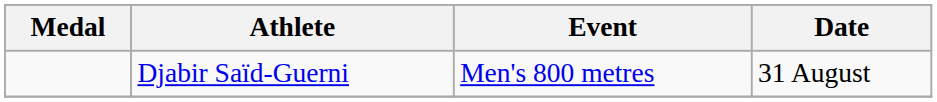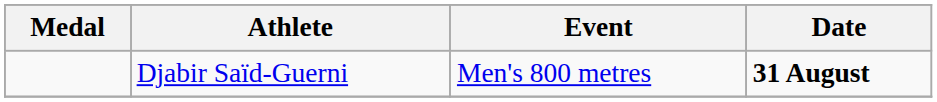 <table class=wikitable style=font-size:90% width=55%>
 <tr>
 <th>Medal</th>
 <th>Athlete</th>
 <th>Event</th>
 <th>Date</th>
 </tr>
 <tr>
 <td></td>
 <td><a href='#'>Djabir Saïd-Guerni</a></td>
 <td><a href='#'>Men's 800 metres</a></td>
-<td>31 August</td>
+<td><strong>31 August</strong></td>
 </tr>
 <tr>
 </tr>
 </table>
